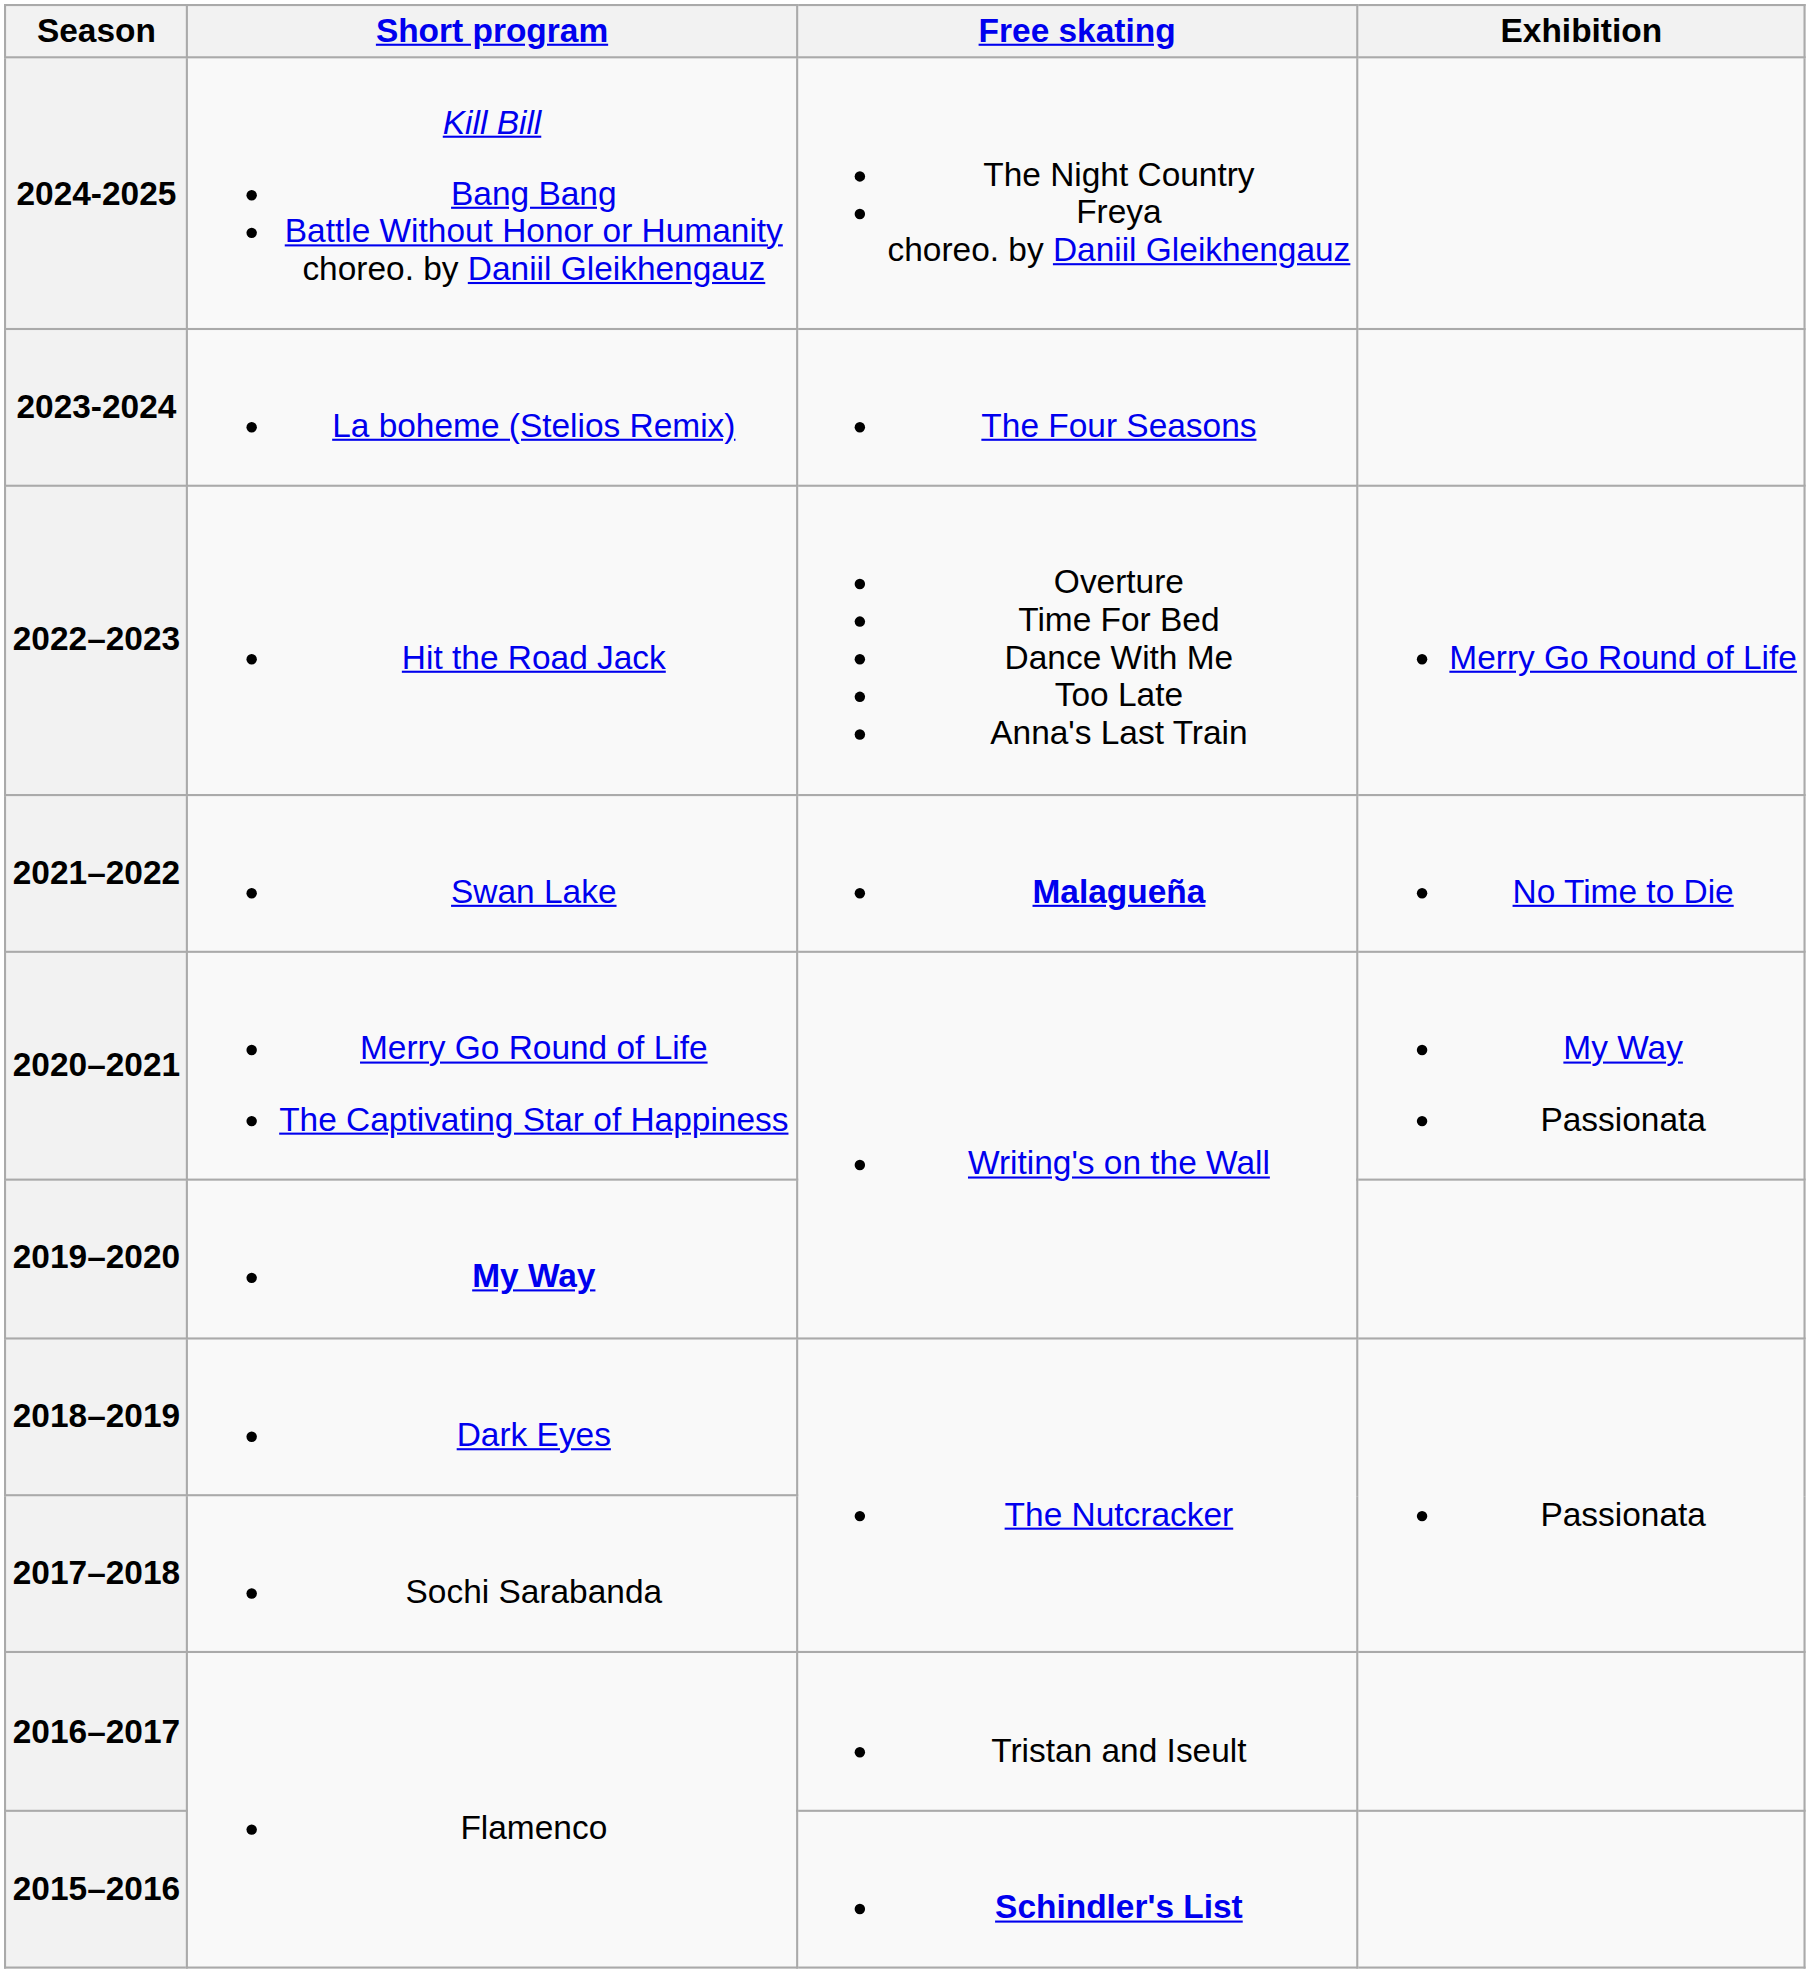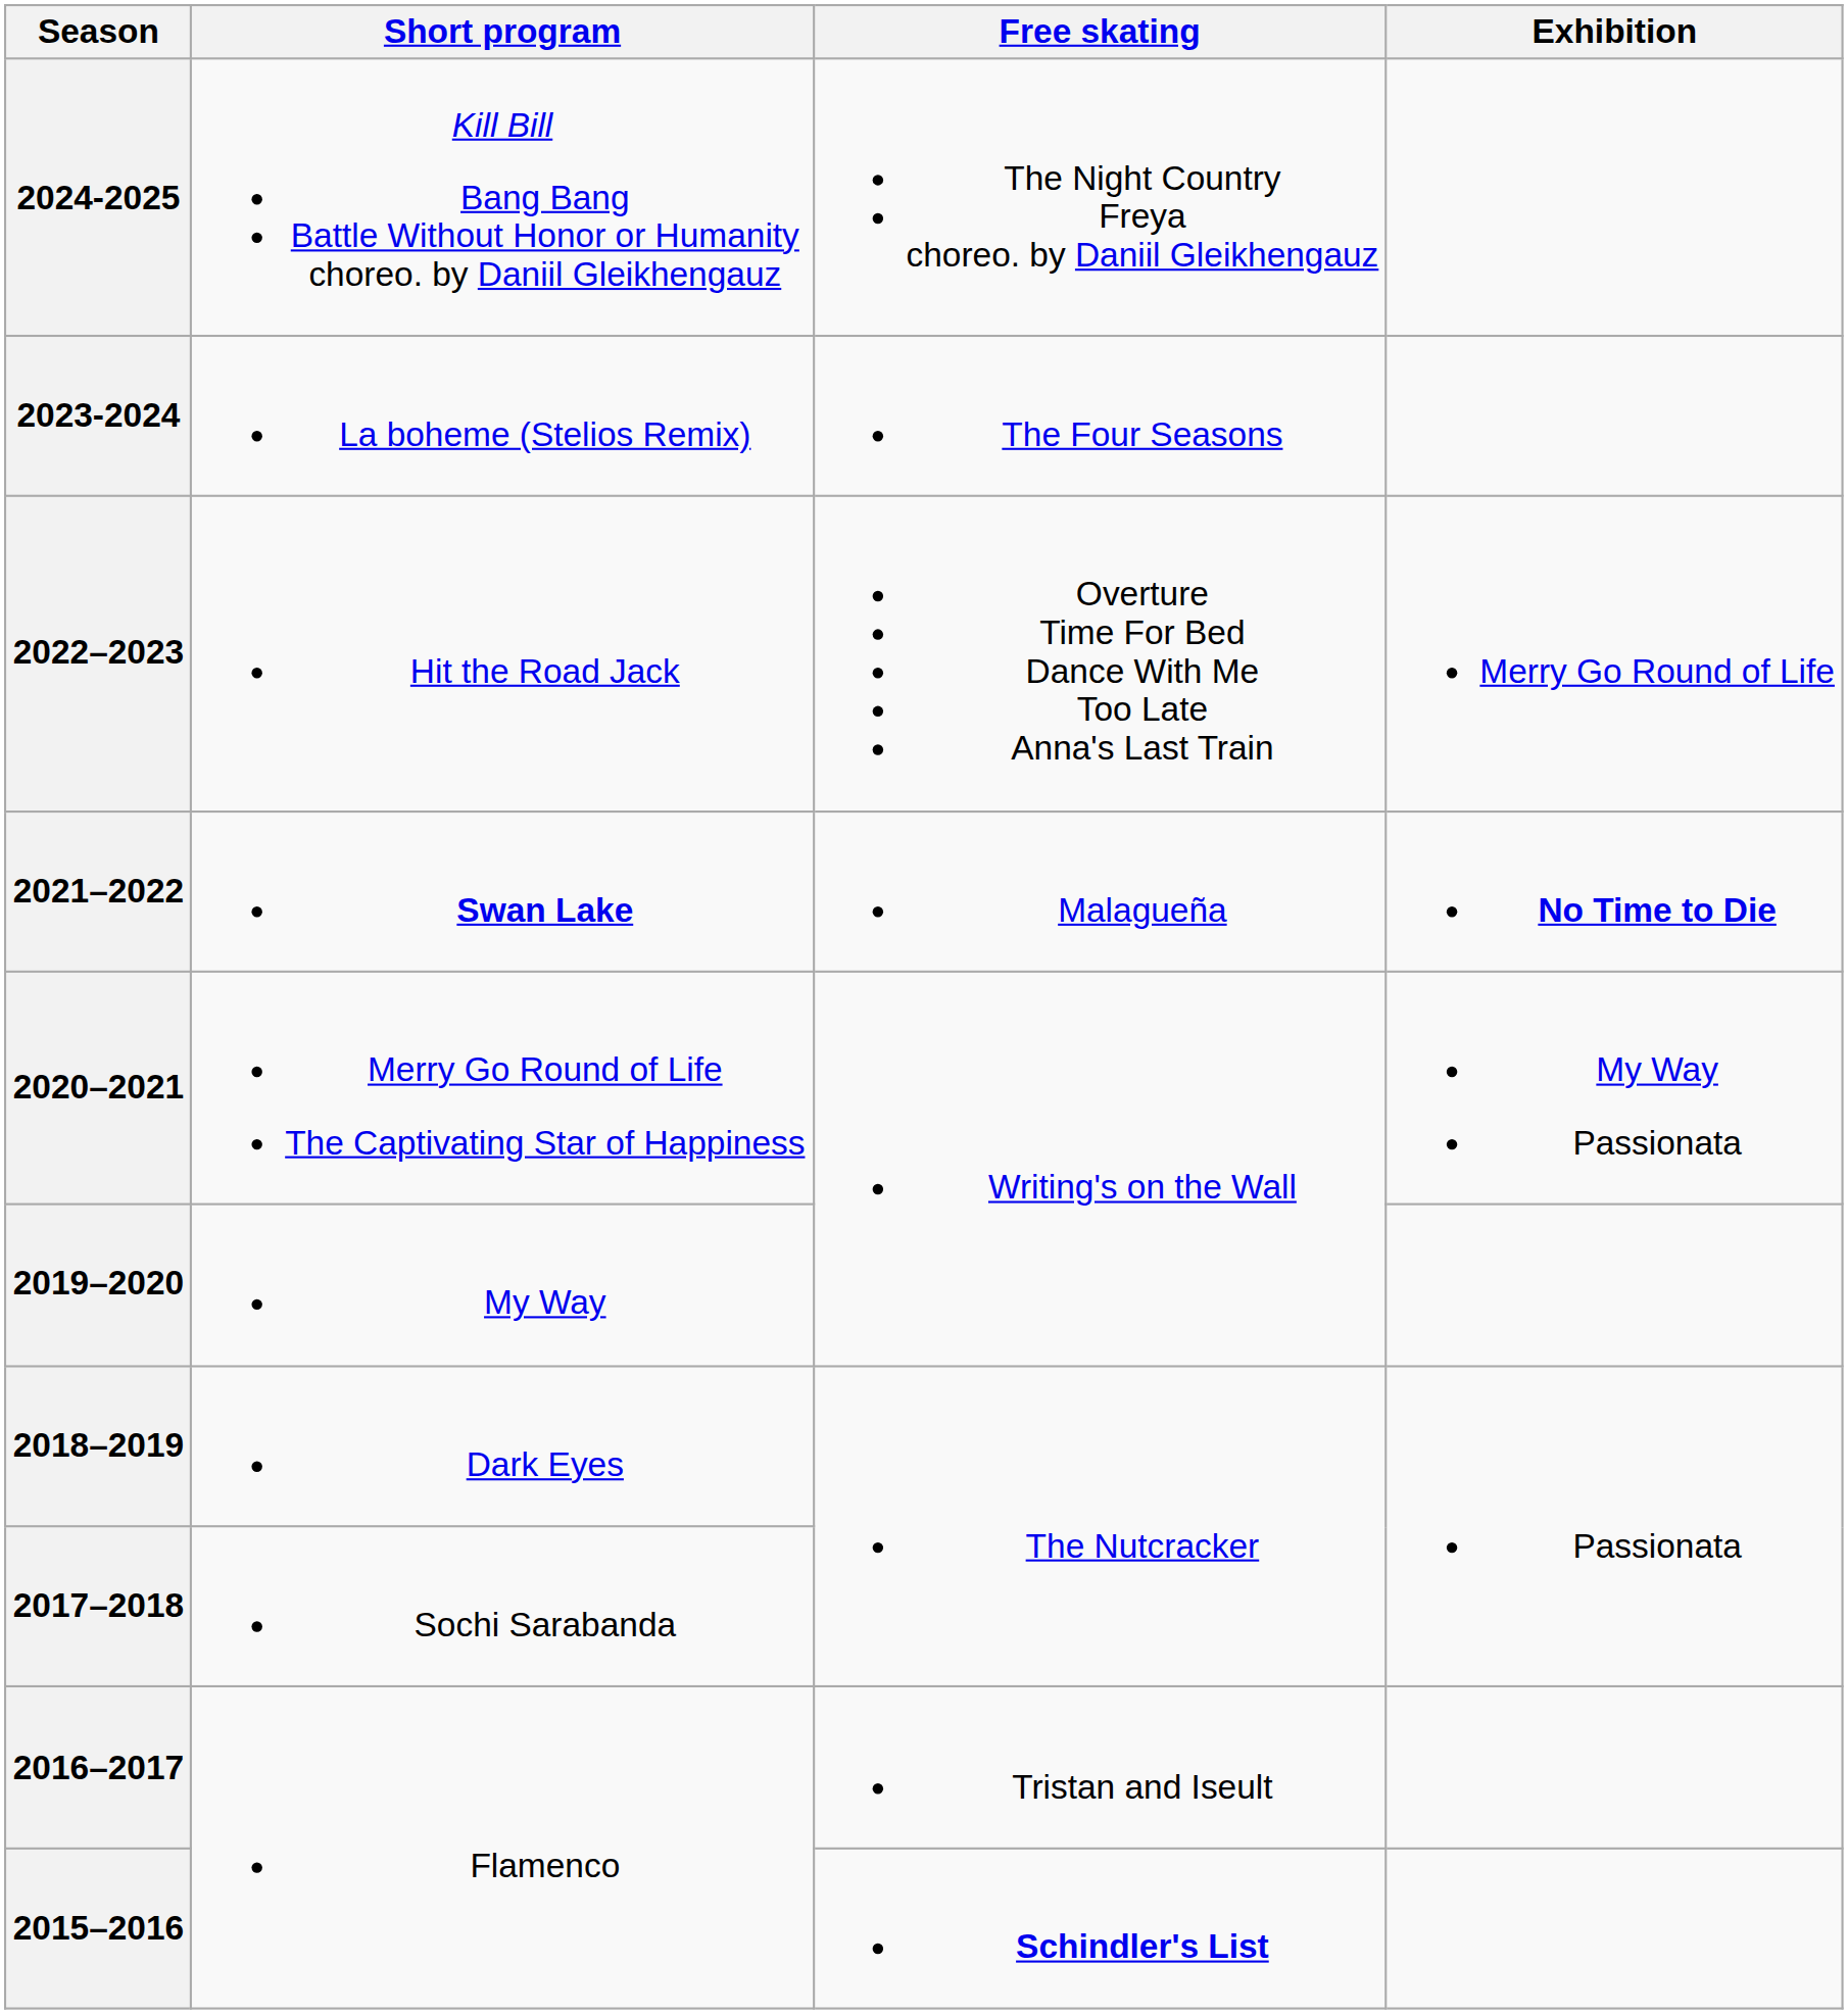 <table class=wikitable style=text-align:center>
 <tr>
 <th>Season</th>
 <th><a href='#'>Short program</a></th>
 <th><a href='#'>Free skating</a></th>
 <th>Exhibition</th>
 </tr>
 <tr>
 <th>2024-2025</th>
 <td><br><em><a href='#'>Kill Bill</a></em><ul><li><a href='#'>Bang Bang</a> <br> </li><li><a href='#'>Battle Without Honor or Humanity</a> <br>  choreo. by <a href='#'>Daniil Gleikhengauz</a></li></ul></td>
 <td><br><ul><li>The Night Country <br> </li><li>Freya <br>  choreo. by <a href='#'>Daniil Gleikhengauz</a></li></ul></td>
 </tr>
 <tr>
 <th>2023-2024<br></th>
 <td><br><ul><li><a href='#'>La boheme (Stelios Remix)</a> <br> </li></ul></td>
 <td><br><ul><li><a href='#'>The Four Seasons</a><br> </li></ul></td>
 <td></td>
 </tr>
 <tr>
 <th>2022–2023</th>
 <td><br><ul><li><a href='#'>Hit the Road Jack</a> <br> </li></ul></td>
 <td><br><ul><li>Overture</li><li>Time For Bed</li><li>Dance With Me</li><li>Too Late</li><li>Anna's Last Train<br> </li></ul></td>
 <td><br><ul><li><a href='#'>Merry Go Round of Life</a> <br> </li></ul></td>
 </tr>
 <tr>
 <th>2021–2022 <br> </th>
-<td><br><ul><li><a href='#'>Swan Lake</a> <br> </li></ul></td>
-<td><strong><br><ul><li><a href='#'>Malagueña</a> <br> </li></ul></strong></td>
-<td><br><ul><li><a href='#'>No Time to Die</a> <br> </li></ul></td>
+<td><strong><br><ul><li><a href='#'>Swan Lake</a> <br> </li></ul></strong></td>
+<td><br><ul><li><a href='#'>Malagueña</a> <br> </li></ul></td>
+<td><strong><br><ul><li><a href='#'>No Time to Die</a> <br> </li></ul></strong></td>
 </tr>
 <tr>
 <th>2020–2021 <br> </th>
 <td><br><ul><li><a href='#'>Merry Go Round of Life</a> <br> </li></ul><ul><li><a href='#'>The Captivating Star of Happiness</a> <br> </li></ul></td>
 <td rowspan=2><br><ul><li><a href='#'>Writing's on the Wall</a> <br> </li></ul></td>
 <td><br><ul><li><a href='#'>My Way</a> <br></li></ul><ul><li>Passionata <br></li></ul></td>
 </tr>
 <tr>
 <th>2019–2020 <br> </th>
-<td><strong><br><ul><li><a href='#'>My Way</a> <br></li></ul></strong></td>
+<td><br><ul><li><a href='#'>My Way</a> <br></li></ul></td>
 <td></td>
 </tr>
 <tr>
 <th>2018–2019 <br> </th>
 <td><br><ul><li><a href='#'>Dark Eyes</a> <br></li></ul></td>
 <td rowspan=2><br><ul><li><a href='#'>The Nutcracker</a> <br></li></ul></td>
 <td rowspan=2><br><ul><li>Passionata <br></li></ul></td>
 </tr>
 <tr>
 <th>2017–2018 <br> </th>
 <td><br><ul><li>Sochi Sarabanda <br></li></ul></td>
 </tr>
 <tr>
 <th>2016–2017 <br> </th>
 <td rowspan=2><br><ul><li>Flamenco <br></li></ul></td>
 <td><br><ul><li>Tristan and Iseult  <br></li></ul></td>
 <td></td>
 </tr>
 <tr>
 <th>2015–2016</th>
 <td><strong><br><ul><li><a href='#'>Schindler's List</a> <br></li></ul></strong></td>
 <td></td>
 </tr>
 </table>
